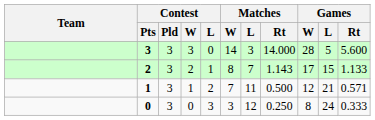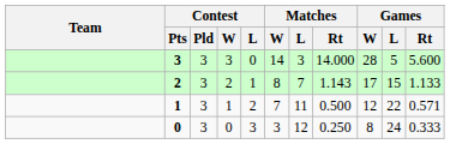 <table class=wikitable style="text-align:center">
 <tr>
 <th width=175 rowspan=2>Team</th>
 <th colspan=4>Contest</th>
 <th colspan=3>Matches</th>
 <th colspan=3>Games</th>
 </tr>
 <tr>
 <th width=20>Pts</th>
 <th width=20>Pld</th>
 <th width=20>W</th>
 <th width=20>L</th>
 <th width=20>W</th>
 <th width=20>L</th>
 <th width=20>Rt</th>
 <th width=20>W</th>
 <th width=20>L</th>
 <th width=20>Rt</th>
 </tr>
 <tr bgcolor=ccffcc>
 <td style="text-align:left"></td>
 <td><strong>3</strong></td>
 <td>3</td>
 <td>3</td>
 <td>0</td>
 <td>14</td>
 <td>3</td>
 <td>14.000</td>
 <td>28</td>
 <td>5</td>
 <td>5.600</td>
 </tr>
 <tr bgcolor=ccffcc>
 <td style="text-align:left"></td>
 <td><strong>2</strong></td>
 <td>3</td>
 <td>2</td>
 <td>1</td>
 <td>8</td>
 <td>7</td>
 <td>1.143</td>
 <td>17</td>
 <td>15</td>
 <td>1.133</td>
 </tr>
 <tr>
 <td style="text-align:left"></td>
 <td><strong>1</strong></td>
 <td>3</td>
 <td>1</td>
 <td>2</td>
 <td>7</td>
 <td>11</td>
 <td>0.500</td>
 <td>12</td>
-<td>21</td>
+<td>22</td>
 <td>0.571</td>
 </tr>
 <tr>
 <td style="text-align:left"></td>
 <td><strong>0</strong></td>
 <td>3</td>
 <td>0</td>
 <td>3</td>
 <td>3</td>
 <td>12</td>
 <td>0.250</td>
 <td>8</td>
 <td>24</td>
 <td>0.333</td>
 </tr>
 </table>
